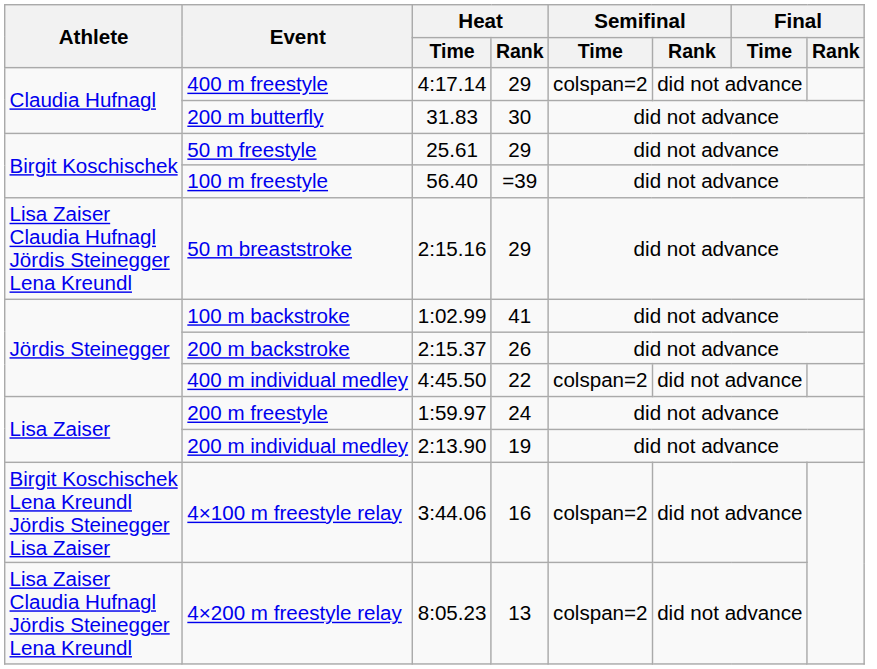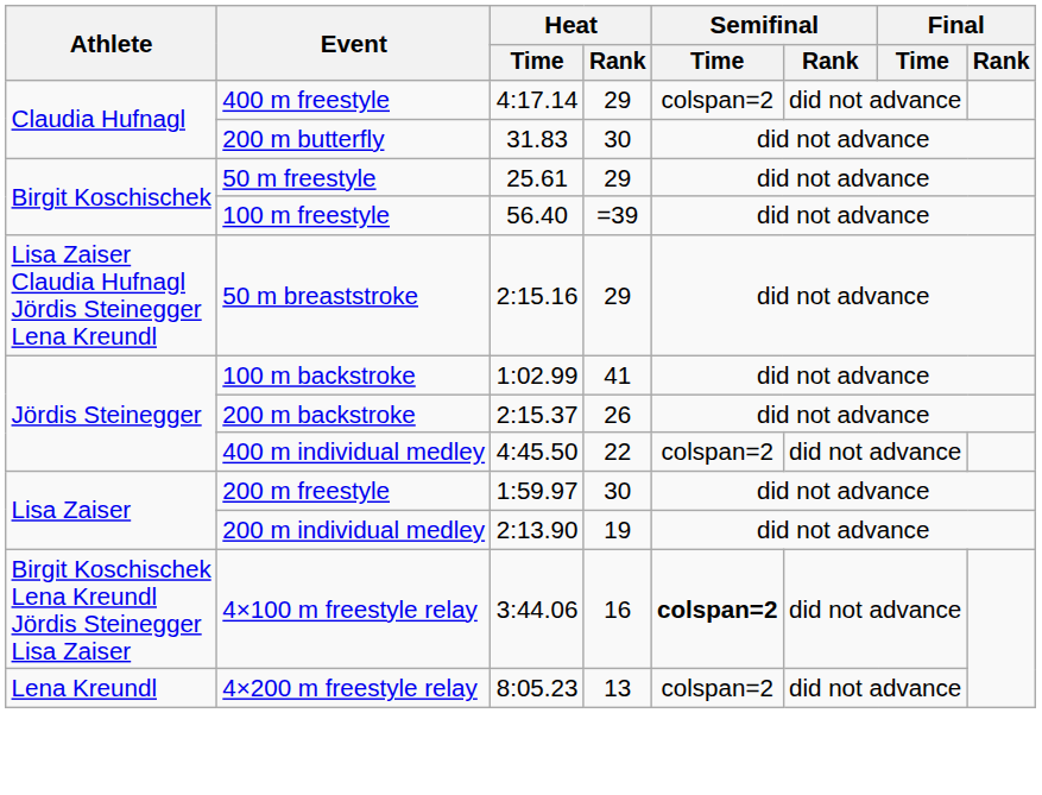 <table class=wikitable style="font-size:90%">
 <tr>
 <th rowspan="2">Athlete</th>
 <th rowspan="2">Event</th>
 <th colspan="2">Heat</th>
 <th colspan="2">Semifinal</th>
 <th colspan="2">Final</th>
 </tr>
 <tr style="font-size:95%">
 <th>Time</th>
 <th>Rank</th>
 <th>Time</th>
 <th>Rank</th>
 <th>Time</th>
 <th>Rank</th>
 </tr>
 <tr align=center>
 <td align=left rowspan=2><a href='#'>Claudia Hufnagl</a></td>
 <td align=left><a href='#'>400 m freestyle</a></td>
 <td>4:17.14</td>
 <td>29</td>
 <td>colspan=2 </td>
 <td colspan=2>did not advance</td>
 </tr>
 <tr align=center>
 <td align=left><a href='#'>200 m butterfly</a></td>
 <td>31.83</td>
 <td>30</td>
 <td colspan=4>did not advance</td>
 </tr>
 <tr align=center>
 <td align=left rowspan=2><a href='#'>Birgit Koschischek</a></td>
 <td align=left><a href='#'>50 m freestyle</a></td>
 <td>25.61</td>
 <td>29</td>
 <td colspan=4>did not advance</td>
 </tr>
 <tr align=center>
 <td align=left><a href='#'>100 m freestyle</a></td>
 <td>56.40</td>
 <td>=39</td>
 <td colspan=4>did not advance</td>
 </tr>
 <tr align=center>
 <td align=left><a href='#'>Lisa Zaiser</a><br><a href='#'>Claudia Hufnagl</a><br><a href='#'>Jördis Steinegger</a><br><a href='#'>Lena Kreundl</a></td>
 <td align=left><a href='#'>50 m breaststroke</a></td>
 <td>2:15.16</td>
 <td>29</td>
 <td colspan=4>did not advance</td>
 </tr>
 <tr align=center>
 <td align=left rowspan=3><a href='#'>Jördis Steinegger</a></td>
 <td align=left><a href='#'>100 m backstroke</a></td>
 <td>1:02.99</td>
 <td>41</td>
 <td colspan=4>did not advance</td>
 </tr>
 <tr align=center>
 <td align=left><a href='#'>200 m backstroke</a></td>
 <td>2:15.37</td>
 <td>26</td>
 <td colspan=4>did not advance</td>
 </tr>
 <tr align=center>
 <td align=left><a href='#'>400 m individual medley</a></td>
 <td>4:45.50</td>
 <td>22</td>
 <td>colspan=2 </td>
 <td colspan=2>did not advance</td>
 </tr>
 <tr align=center>
 <td align=left rowspan=2><a href='#'>Lisa Zaiser</a></td>
 <td align=left><a href='#'>200 m freestyle</a></td>
 <td>1:59.97</td>
-<td>24</td>
+<td>30</td>
 <td colspan=4>did not advance</td>
 </tr>
 <tr align=center>
 <td align=left><a href='#'>200 m individual medley</a></td>
 <td>2:13.90</td>
 <td>19</td>
 <td colspan=4>did not advance</td>
 </tr>
 <tr align=center>
 <td align=left><a href='#'>Birgit Koschischek</a><br><a href='#'>Lena Kreundl</a><br><a href='#'>Jördis Steinegger</a><br><a href='#'>Lisa Zaiser</a></td>
 <td align=left><a href='#'>4×100 m freestyle relay</a></td>
 <td>3:44.06</td>
 <td>16</td>
-<td>colspan=2 </td>
+<td><strong>colspan=2 </strong></td>
 <td colspan=2>did not advance</td>
 </tr>
 <tr align=center>
-<td align=left><a href='#'>Lisa Zaiser</a><br><a href='#'>Claudia Hufnagl</a><br><a href='#'>Jördis Steinegger</a><br><a href='#'>Lena Kreundl</a></td>
+<td align=left><a href='#'>Lena Kreundl</a></td>
 <td align=left><a href='#'>4×200 m freestyle relay</a></td>
 <td>8:05.23</td>
 <td>13</td>
 <td>colspan=2 </td>
 <td colspan=2>did not advance</td>
 </tr>
 </table>
